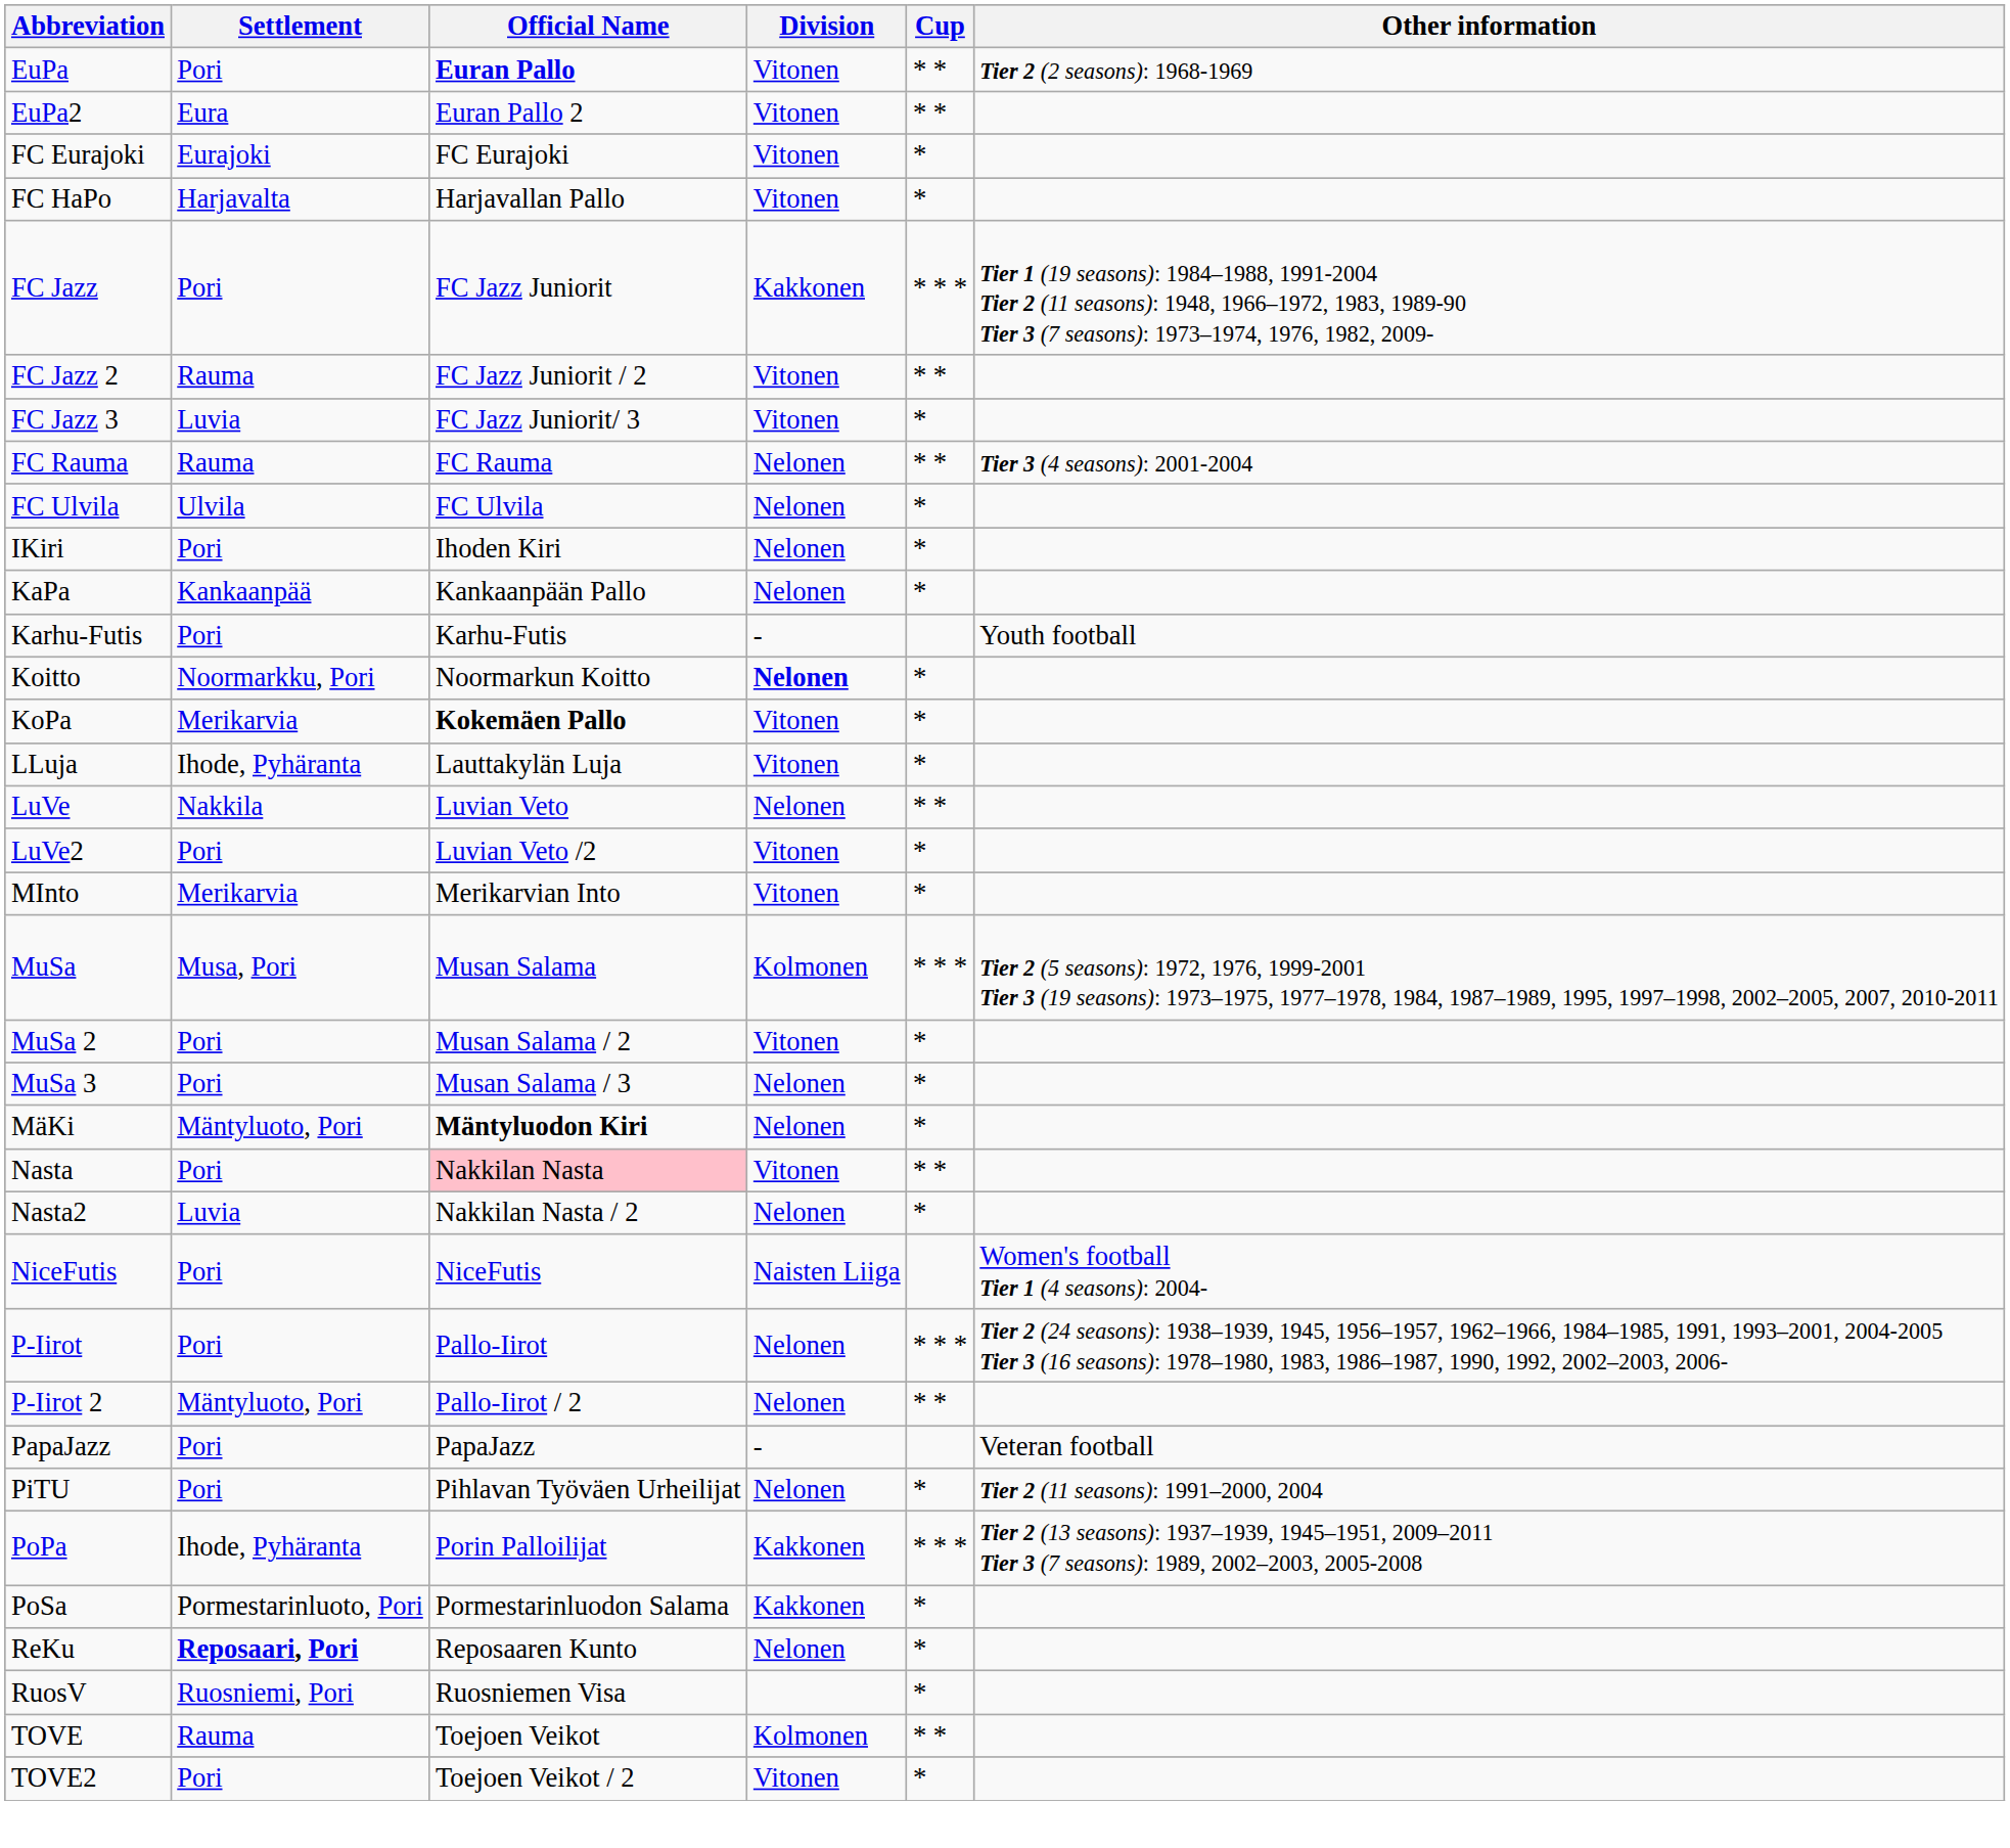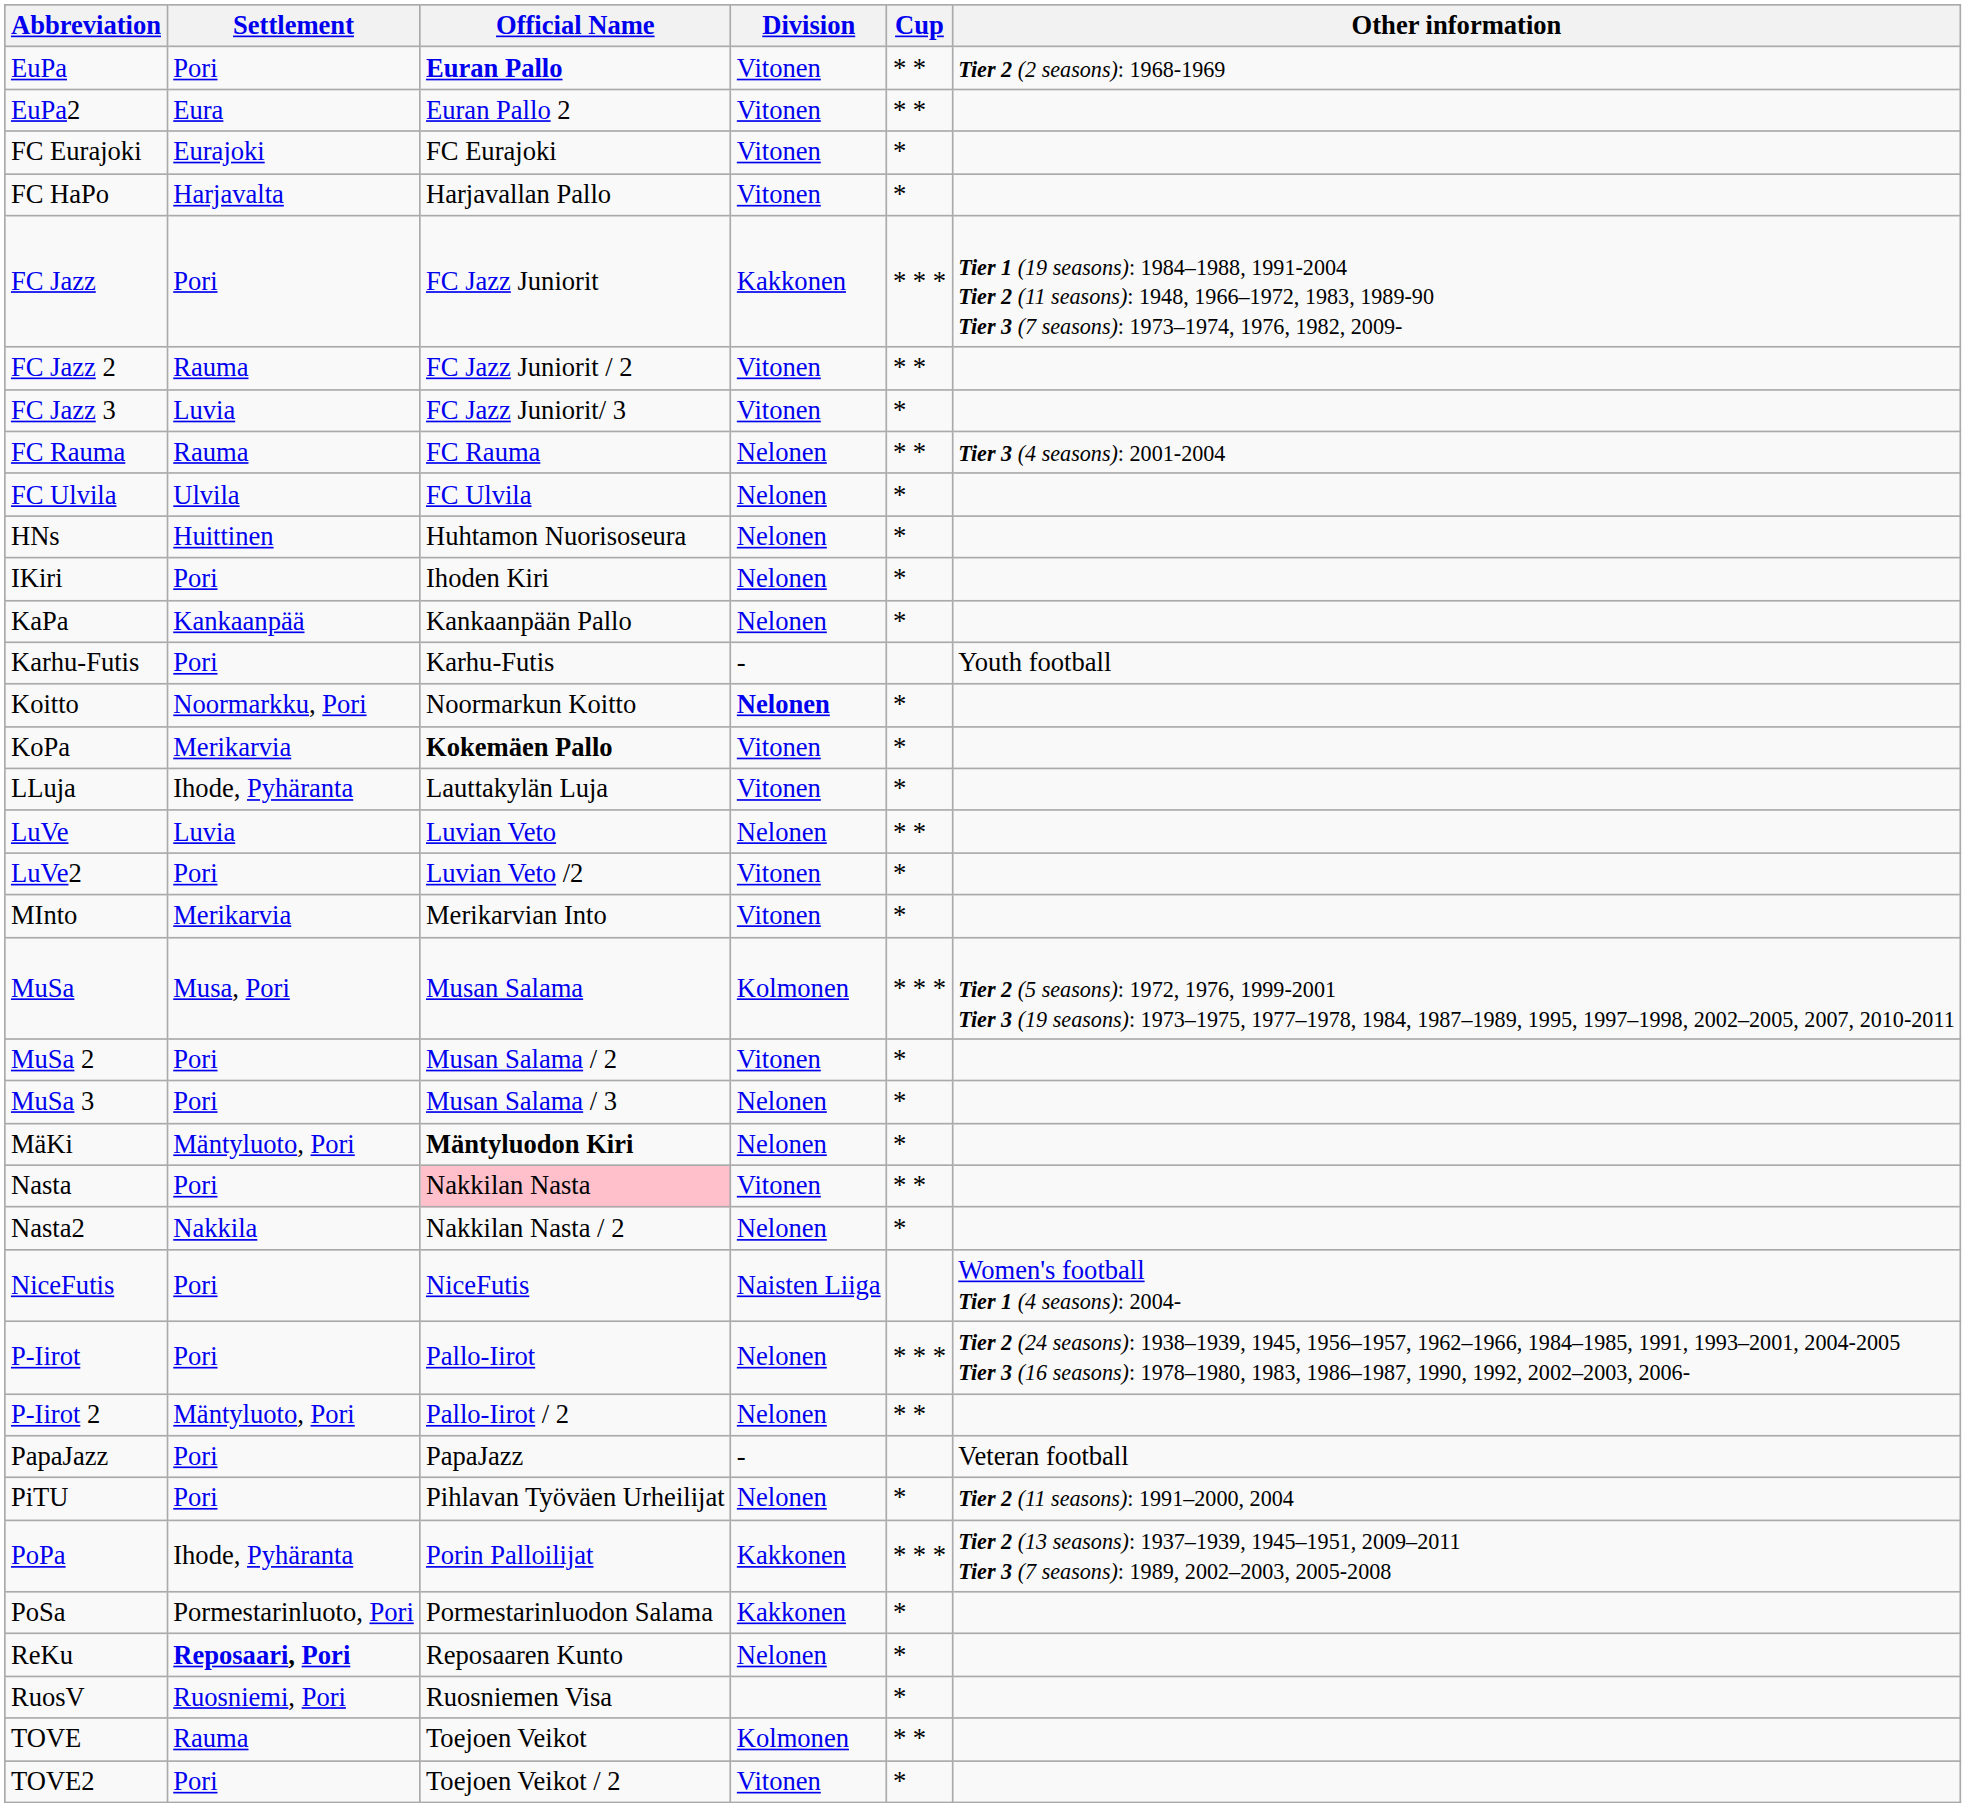 <table class="wikitable" style="text-align:left">
 <tr>
 <th style= width="120px"><a href='#'>Abbreviation</a></th>
 <th style= width="110px"><a href='#'>Settlement</a></th>
 <th style= width="200px"><a href='#'>Official Name</a></th>
 <th style= width="80px"><a href='#'>Division</a></th>
 <th style= width="40px"><a href='#'>Cup</a></th>
 <th style= width="300px">Other information</th>
 </tr>
 <tr>
 <td><a href='#'>EuPa</a></td>
 <td><a href='#'>Pori</a></td>
 <td><strong><a href='#'>Euran Pallo</a></strong></td>
 <td><a href='#'>Vitonen</a></td>
 <td>* *</td>
 <td><small><strong><em>Tier 2</em></strong> <em>(2 seasons)</em>: 1968-1969</small></td>
 </tr>
 <tr>
 <td><a href='#'>EuPa</a>2</td>
 <td><a href='#'>Eura</a></td>
 <td><a href='#'>Euran Pallo</a> 2</td>
 <td><a href='#'>Vitonen</a></td>
 <td>* *</td>
 <td></td>
 </tr>
 <tr>
 <td>FC Eurajoki</td>
 <td><a href='#'>Eurajoki</a></td>
 <td>FC Eurajoki</td>
 <td><a href='#'>Vitonen</a></td>
 <td>*</td>
 <td></td>
 </tr>
 <tr>
 <td>FC HaPo</td>
 <td><a href='#'>Harjavalta</a></td>
 <td>Harjavallan Pallo</td>
 <td><a href='#'>Vitonen</a></td>
 <td>*</td>
 <td></td>
 </tr>
 <tr>
 <td><a href='#'>FC Jazz</a></td>
 <td><a href='#'>Pori</a></td>
 <td><a href='#'>FC Jazz</a> Juniorit</td>
 <td><a href='#'>Kakkonen</a></td>
 <td>* * *</td>
 <td><br><small><strong><em>Tier 1</em></strong> <em>(19 seasons)</em>: 1984–1988, 1991-2004</small><br> <small><strong><em>Tier 2</em></strong> <em>(11 seasons)</em>: 1948, 1966–1972, 1983, 1989-90</small><br> <small><strong><em>Tier 3</em></strong> <em>(7 seasons)</em>: 1973–1974, 1976, 1982, 2009-</small><br></td>
 </tr>
 <tr>
 <td><a href='#'>FC Jazz</a> 2</td>
 <td><a href='#'>Rauma</a></td>
 <td><a href='#'>FC Jazz</a> Juniorit / 2</td>
 <td><a href='#'>Vitonen</a></td>
 <td>* *</td>
 <td></td>
 </tr>
 <tr>
 <td><a href='#'>FC Jazz</a> 3</td>
 <td><a href='#'>Luvia</a></td>
 <td><a href='#'>FC Jazz</a> Juniorit/  3</td>
 <td><a href='#'>Vitonen</a></td>
 <td>*</td>
 <td></td>
 </tr>
 <tr>
 <td><a href='#'>FC Rauma</a></td>
 <td><a href='#'>Rauma</a></td>
 <td><a href='#'>FC Rauma</a></td>
 <td><a href='#'>Nelonen</a></td>
 <td>* *</td>
 <td><small><strong><em>Tier 3</em></strong> <em>(4 seasons)</em>: 2001-2004</small></td>
 </tr>
 <tr>
 <td><a href='#'>FC Ulvila</a></td>
 <td><a href='#'>Ulvila</a></td>
 <td><a href='#'>FC Ulvila</a></td>
 <td><a href='#'>Nelonen</a></td>
 <td>*</td>
 <td></td>
 </tr>
 <tr>
+<td>HNs</td>
+<td><a href='#'>Huittinen</a></td>
+<td>Huhtamon Nuorisoseura</td>
+<td><a href='#'>Nelonen</a></td>
+<td>*</td>
+<td></td>
+</tr>
+<tr>
 <td>IKiri</td>
 <td><a href='#'>Pori</a></td>
 <td>Ihoden Kiri</td>
 <td><a href='#'>Nelonen</a></td>
 <td>*</td>
 <td></td>
 </tr>
 <tr>
 <td>KaPa</td>
 <td><a href='#'>Kankaanpää</a></td>
 <td>Kankaanpään Pallo</td>
 <td><a href='#'>Nelonen</a></td>
 <td>*</td>
 <td></td>
 </tr>
 <tr>
 <td>Karhu-Futis</td>
 <td><a href='#'>Pori</a></td>
 <td>Karhu-Futis</td>
 <td>-</td>
 <td></td>
 <td>Youth football</td>
 </tr>
 <tr>
 <td>Koitto</td>
 <td><a href='#'>Noormarkku</a>, <a href='#'>Pori</a></td>
 <td>Noormarkun Koitto</td>
 <td><strong><a href='#'>Nelonen</a></strong></td>
 <td>*</td>
 <td></td>
 </tr>
 <tr>
 <td>KoPa</td>
 <td><a href='#'>Merikarvia</a></td>
 <td><strong>Kokemäen Pallo</strong></td>
 <td><a href='#'>Vitonen</a></td>
 <td>*</td>
 <td></td>
 </tr>
 <tr>
 <td>LLuja</td>
 <td>Ihode, <a href='#'>Pyhäranta</a></td>
 <td>Lauttakylän Luja</td>
 <td><a href='#'>Vitonen</a></td>
 <td>*</td>
 <td></td>
 </tr>
 <tr>
 <td><a href='#'>LuVe</a></td>
-<td><a href='#'>Nakkila</a></td>
+<td><a href='#'>Luvia</a></td>
 <td><a href='#'>Luvian Veto</a></td>
 <td><a href='#'>Nelonen</a></td>
 <td>* *</td>
 <td></td>
 </tr>
 <tr>
 <td><a href='#'>LuVe</a>2</td>
 <td><a href='#'>Pori</a></td>
 <td><a href='#'>Luvian Veto</a> /2</td>
 <td><a href='#'>Vitonen</a></td>
 <td>*</td>
 <td></td>
 </tr>
 <tr>
 <td>MInto</td>
 <td><a href='#'>Merikarvia</a></td>
 <td>Merikarvian Into</td>
 <td><a href='#'>Vitonen</a></td>
 <td>*</td>
 <td></td>
 </tr>
 <tr>
 <td><a href='#'>MuSa</a></td>
 <td><a href='#'>Musa</a>, <a href='#'>Pori</a></td>
 <td><a href='#'>Musan Salama</a></td>
 <td><a href='#'>Kolmonen</a></td>
 <td>* * *</td>
 <td><br><small><strong><em>Tier 2</em></strong> <em>(5 seasons)</em>: 1972, 1976, 1999-2001</small><br> <small><strong><em>Tier 3</em></strong> <em>(19 seasons)</em>: 1973–1975, 1977–1978, 1984, 1987–1989, 1995, 1997–1998, 2002–2005, 2007, 2010-2011</small><br></td>
 </tr>
 <tr>
 <td><a href='#'>MuSa</a> 2</td>
 <td><a href='#'>Pori</a></td>
 <td><a href='#'>Musan Salama</a> / 2</td>
 <td><a href='#'>Vitonen</a></td>
 <td>*</td>
 <td></td>
 </tr>
 <tr>
 <td><a href='#'>MuSa</a> 3</td>
 <td><a href='#'>Pori</a></td>
 <td><a href='#'>Musan Salama</a> / 3</td>
 <td><a href='#'>Nelonen</a></td>
 <td>*</td>
 <td></td>
 </tr>
 <tr>
 <td>MäKi</td>
 <td><a href='#'>Mäntyluoto</a>, <a href='#'>Pori</a></td>
 <td><strong>Mäntyluodon Kiri</strong></td>
 <td><a href='#'>Nelonen</a></td>
 <td>*</td>
 <td></td>
 </tr>
 <tr>
 <td>Nasta</td>
 <td><a href='#'>Pori</a></td>
 <td style="background: pink;">Nakkilan Nasta</td>
 <td><a href='#'>Vitonen</a></td>
 <td>* *</td>
 <td></td>
 </tr>
 <tr>
 <td>Nasta2</td>
-<td><a href='#'>Luvia</a></td>
+<td><a href='#'>Nakkila</a></td>
 <td>Nakkilan Nasta / 2</td>
 <td><a href='#'>Nelonen</a></td>
 <td>*</td>
 <td></td>
 </tr>
 <tr>
 <td><a href='#'>NiceFutis</a></td>
 <td><a href='#'>Pori</a></td>
 <td><a href='#'>NiceFutis</a></td>
 <td><a href='#'>Naisten Liiga</a></td>
 <td></td>
 <td><a href='#'>Women's football</a><br> <small><strong><em>Tier 1</em></strong> <em>(4 seasons)</em>: 2004-</small><br></td>
 </tr>
 <tr>
 <td><a href='#'>P-Iirot</a></td>
 <td><a href='#'>Pori</a></td>
 <td><a href='#'>Pallo-Iirot</a></td>
 <td><a href='#'>Nelonen</a></td>
 <td>* * *</td>
 <td><small><strong><em>Tier 2</em></strong> <em>(24 seasons)</em>: 1938–1939, 1945, 1956–1957, 1962–1966, 1984–1985, 1991, 1993–2001, 2004-2005</small><br> <small><strong><em>Tier 3</em></strong> <em>(16 seasons)</em>: 1978–1980, 1983, 1986–1987, 1990, 1992, 2002–2003, 2006-</small><br></td>
 </tr>
 <tr>
 <td><a href='#'>P-Iirot</a> 2</td>
 <td><a href='#'>Mäntyluoto</a>, <a href='#'>Pori</a></td>
 <td><a href='#'>Pallo-Iirot</a> / 2</td>
 <td><a href='#'>Nelonen</a></td>
 <td>* *</td>
 <td></td>
 </tr>
 <tr>
 <td>PapaJazz</td>
 <td><a href='#'>Pori</a></td>
 <td>PapaJazz</td>
 <td>-</td>
 <td></td>
 <td>Veteran football</td>
 </tr>
 <tr>
 <td>PiTU</td>
 <td><a href='#'>Pori</a></td>
 <td>Pihlavan Työväen Urheilijat</td>
 <td><a href='#'>Nelonen</a></td>
 <td>*</td>
 <td><small><strong><em>Tier 2</em></strong> <em>(11 seasons)</em>: 1991–2000, 2004</small></td>
 </tr>
 <tr>
 <td><a href='#'>PoPa</a></td>
 <td>Ihode, <a href='#'>Pyhäranta</a></td>
 <td><a href='#'>Porin Palloilijat</a></td>
 <td><a href='#'>Kakkonen</a></td>
 <td>* * *</td>
 <td><small><strong><em>Tier 2</em></strong> <em>(13 seasons)</em>: 1937–1939, 1945–1951, 2009–2011</small><br> <small><strong><em>Tier 3</em></strong> <em>(7 seasons)</em>: 1989, 2002–2003, 2005-2008</small></td>
 </tr>
 <tr>
 <td>PoSa</td>
 <td>Pormestarinluoto, <a href='#'>Pori</a></td>
 <td>Pormestarinluodon Salama</td>
 <td><a href='#'>Kakkonen</a></td>
 <td>*</td>
 <td></td>
 </tr>
 <tr>
 <td>ReKu</td>
 <td><strong><a href='#'>Reposaari</a>, <a href='#'>Pori</a></strong></td>
 <td>Reposaaren Kunto</td>
 <td><a href='#'>Nelonen</a></td>
 <td>*</td>
 <td></td>
 </tr>
 <tr>
 <td>RuosV</td>
 <td><a href='#'>Ruosniemi</a>, <a href='#'>Pori</a></td>
 <td>Ruosniemen Visa</td>
 <td></td>
 <td>*</td>
 <td></td>
 </tr>
 <tr>
 <td>TOVE</td>
 <td><a href='#'>Rauma</a></td>
 <td>Toejoen Veikot</td>
 <td><a href='#'>Kolmonen</a></td>
 <td>* *</td>
 <td></td>
 </tr>
 <tr>
 <td>TOVE2</td>
 <td><a href='#'>Pori</a></td>
 <td>Toejoen Veikot / 2</td>
 <td><a href='#'>Vitonen</a></td>
 <td>*</td>
 <td></td>
 </tr>
 <tr>
 </tr>
 </table>
